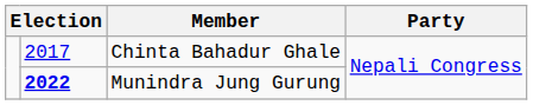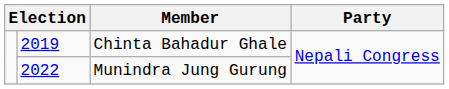 <table class="wikitable">
 <tr>
 <th colspan="2">Election</th>
 <th>Member</th>
 <th>Party</th>
 </tr>
 <tr>
 <td rowspan="2" style="background-color:"></td>
-<td><a href='#'>2017</a></td>
+<td><a href='#'>2019</a></td>
 <td>Chinta Bahadur Ghale</td>
 <td rowspan="2"><a href='#'>Nepali Congress</a></td>
 </tr>
 <tr>
-<td><strong><a href='#'>2022</a></strong></td>
+<td><a href='#'>2022</a></td>
 <td>Munindra Jung Gurung</td>
 </tr>
 </table>
